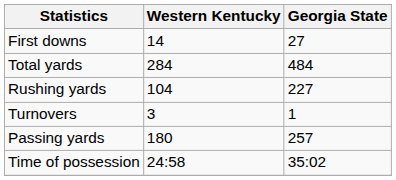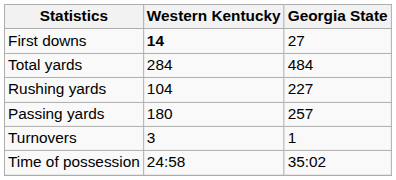 <table class="wikitable">
 <tr>
 <th>Statistics</th>
 <th>Western Kentucky</th>
 <th>Georgia State</th>
 </tr>
 <tr>
 <td>First downs</td>
-<td>14</td>
+<td><strong>14</strong></td>
 <td>27</td>
 </tr>
 <tr>
 <td>Total yards</td>
 <td>284</td>
 <td>484</td>
 </tr>
 <tr>
 <td>Rushing yards</td>
 <td>104</td>
 <td>227</td>
 </tr>
 <tr>
+<td>Passing yards</td>
+<td>180</td>
+<td>257</td>
+</tr>
+<tr>
 <td>Turnovers</td>
 <td>3</td>
 <td>1</td>
-</tr>
-<tr>
-<td>Passing yards</td>
-<td>180</td>
-<td>257</td>
 </tr>
 <tr>
 <td>Time of possession</td>
 <td>24:58</td>
 <td>35:02</td>
 </tr>
 <tr>
 </tr>
 </table>
